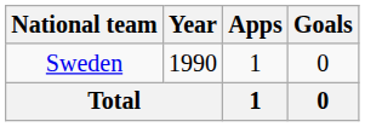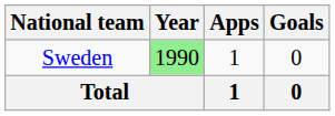 <table class="wikitable" style="text-align:center">
 <tr>
 <th>National team</th>
 <th>Year</th>
 <th>Apps</th>
 <th>Goals</th>
 </tr>
 <tr>
 <td><a href='#'>Sweden</a></td>
-<td>1990</td>
+<td style="background: lightgreen;">1990</td>
 <td>1</td>
 <td>0</td>
 </tr>
 <tr>
 <th colspan="2">Total</th>
 <th>1</th>
 <th>0</th>
 </tr>
 </table>
